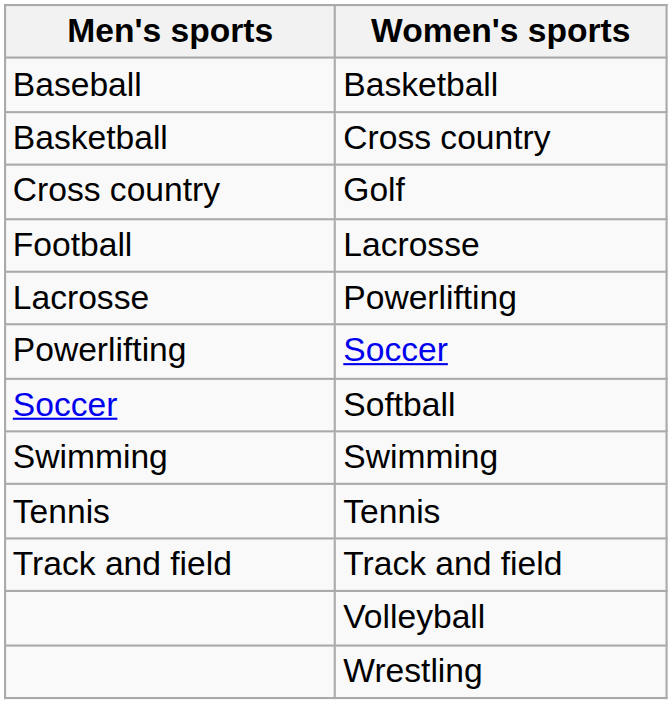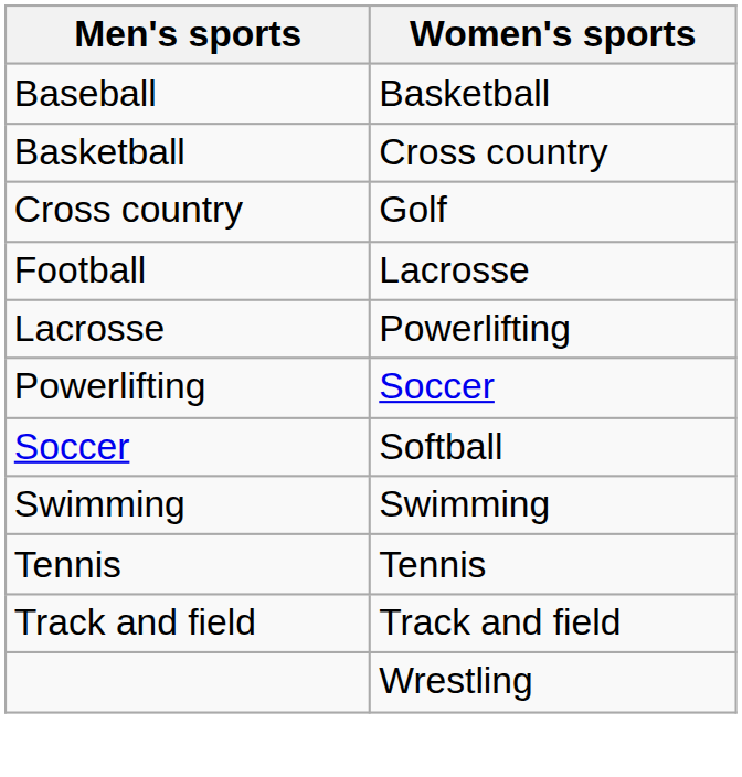 <table class="wikitable"; style= "text-align: ">
 <tr>
 <th width=150px>Men's sports</th>
 <th width=150px>Women's sports</th>
 </tr>
 <tr>
 <td>Baseball</td>
 <td>Basketball</td>
 </tr>
 <tr>
 <td>Basketball</td>
 <td>Cross country</td>
 </tr>
 <tr>
 <td>Cross country</td>
 <td>Golf</td>
 </tr>
 <tr>
 <td>Football</td>
 <td>Lacrosse</td>
 </tr>
 <tr>
 <td>Lacrosse</td>
 <td>Powerlifting</td>
 </tr>
 <tr>
 <td>Powerlifting</td>
 <td><a href='#'>Soccer</a></td>
 </tr>
 <tr>
 <td><a href='#'>Soccer</a></td>
 <td>Softball</td>
 </tr>
 <tr>
 <td>Swimming</td>
 <td>Swimming</td>
 </tr>
 <tr>
 <td>Tennis</td>
 <td>Tennis</td>
 </tr>
 <tr>
 <td>Track and field</td>
 <td>Track and field</td>
 </tr>
 <tr>
 <td></td>
-<td>Volleyball</td>
-</tr>
-<tr>
-<td></td>
 <td>Wrestling</td>
 </tr>
 </table>
